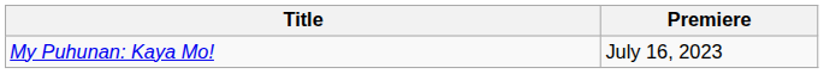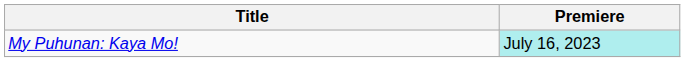 <table class="wikitable sortable" width="75%">
 <tr>
 <th style="width:55%;">Title</th>
 <th style="width:20%;">Premiere</th>
 </tr>
 <tr>
 <td><em><a href='#'>My Puhunan: Kaya Mo!</a></em></td>
-<td>July 16, 2023</td>
+<td style="background: paleturquoise;">July 16, 2023</td>
 </tr>
 <tr>
 </tr>
 </table>
